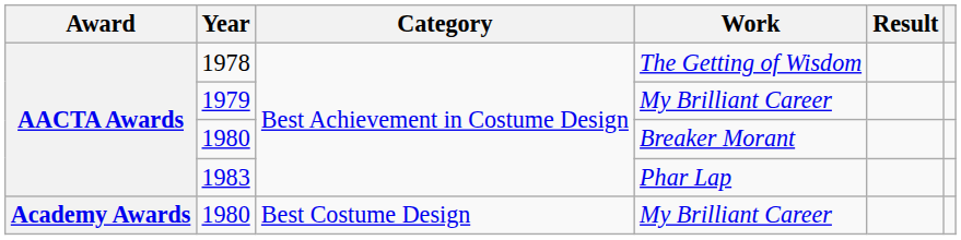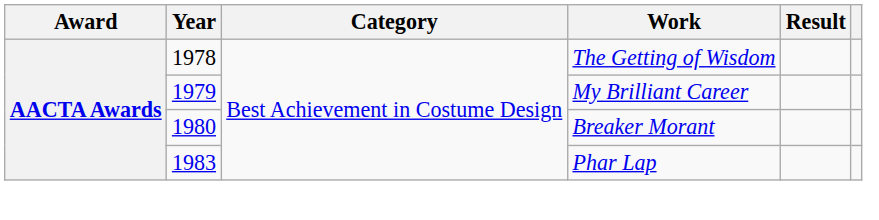 <table class="wikitable">
 <tr>
 <th>Award</th>
 <th>Year</th>
 <th>Category</th>
 <th>Work</th>
 <th>Result</th>
 <th class="unsortable"></th>
 </tr>
 <tr>
 <th rowspan="4" scope="row" style="text-align:center;"><a href='#'>AACTA Awards</a></th>
 <td style="text-align:center;">1978</td>
 <td rowspan="4"><a href='#'>Best Achievement in Costume Design</a></td>
 <td><em><a href='#'>The Getting of Wisdom</a></em></td>
 <td></td>
 <td style="text-align:center;"></td>
 </tr>
 <tr>
 <td style="text-align:center;"><a href='#'>1979</a></td>
 <td><em><a href='#'>My Brilliant Career</a></em></td>
 <td></td>
 <td style="text-align:center;"></td>
 </tr>
 <tr>
 <td style="text-align:center;"><a href='#'>1980</a></td>
 <td><em><a href='#'>Breaker Morant</a></em></td>
 <td></td>
 <td style="text-align:center;"></td>
 </tr>
 <tr>
 <td style="text-align:center;"><a href='#'>1983</a></td>
 <td><em><a href='#'>Phar Lap</a></em></td>
 <td></td>
 <td style="text-align:center;"></td>
 </tr>
-<tr>
-<th scope="row" style="text-align:center;"><a href='#'>Academy Awards</a></th>
-<td style="text-align:center;"><a href='#'>1980</a></td>
-<td><a href='#'>Best Costume Design</a></td>
-<td><em><a href='#'>My Brilliant Career</a></em></td>
-<td></td>
-<td style="text-align:center;"></td>
-</tr>
 </table>
